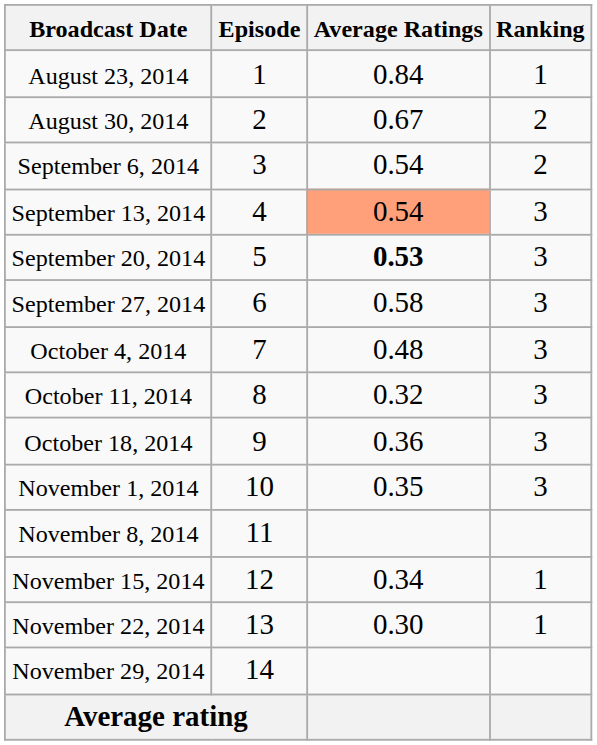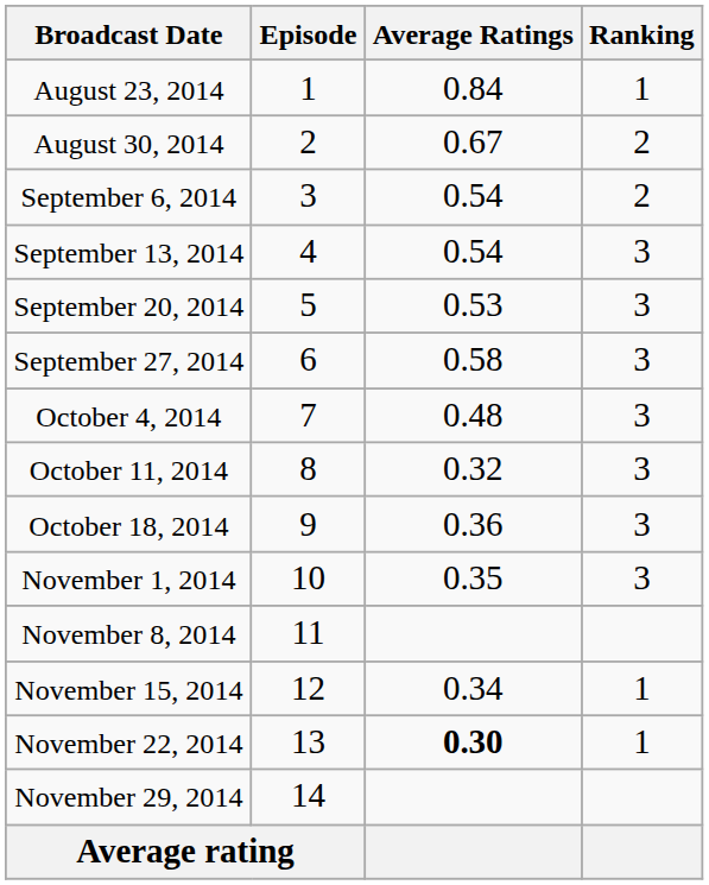 <table class="wikitable" style="text-align:center">
 <tr>
 <th><small>Broadcast Date</small></th>
 <th><small>Episode</small></th>
 <th><small>Average Ratings</small></th>
 <th><small>Ranking</small></th>
 </tr>
 <tr align="center">
 <td><small>August 23, 2014</small></td>
 <td>1</td>
 <td>0.84</td>
 <td>1</td>
 </tr>
 <tr align="center">
 <td><small>August 30, 2014</small></td>
 <td>2</td>
 <td>0.67</td>
 <td>2</td>
 </tr>
 <tr align="center">
 <td><small>September 6, 2014</small></td>
 <td>3</td>
 <td>0.54</td>
 <td>2</td>
 </tr>
 <tr align="center">
 <td><small>September 13, 2014</small></td>
 <td>4</td>
-<td style="background: lightsalmon;">0.54</td>
+<td>0.54</td>
 <td>3</td>
 </tr>
 <tr align="center">
 <td><small>September 20, 2014</small></td>
 <td>5</td>
-<td><strong>0.53</strong></td>
+<td>0.53</td>
 <td>3</td>
 </tr>
 <tr align="center">
 <td><small>September 27, 2014</small></td>
 <td>6</td>
 <td>0.58</td>
 <td>3</td>
 </tr>
 <tr align="center">
 <td><small>October 4, 2014</small></td>
 <td>7</td>
 <td>0.48</td>
 <td>3</td>
 </tr>
 <tr align="center">
 <td><small>October 11, 2014</small></td>
 <td>8</td>
 <td>0.32</td>
 <td>3</td>
 </tr>
 <tr align="center">
 <td><small>October 18, 2014</small></td>
 <td>9</td>
 <td>0.36</td>
 <td>3</td>
 </tr>
 <tr align="center">
 <td><small>November 1, 2014</small></td>
 <td>10</td>
 <td>0.35</td>
 <td>3</td>
 </tr>
 <tr align="center">
 <td><small>November 8, 2014</small></td>
 <td>11</td>
 <td></td>
 <td></td>
 </tr>
 <tr align="center">
 <td><small>November 15, 2014</small></td>
 <td>12</td>
 <td>0.34</td>
 <td>1</td>
 </tr>
 <tr align="center">
 <td><small>November 22, 2014</small></td>
 <td>13</td>
-<td>0.30</td>
+<td><strong>0.30</strong></td>
 <td>1</td>
 </tr>
 <tr align="center">
 <td><small>November 29, 2014</small></td>
 <td>14</td>
 <td></td>
 <td></td>
 </tr>
 <tr align="center">
 <th colspan="2"><strong>Average rating</strong></th>
 <th></th>
 <th></th>
 </tr>
 </table>
